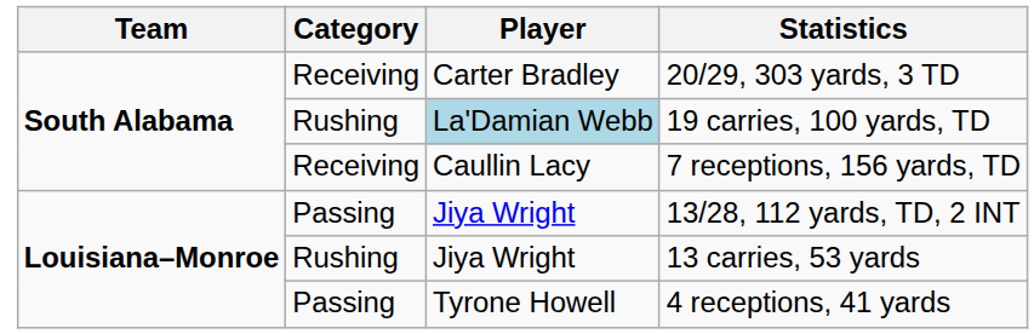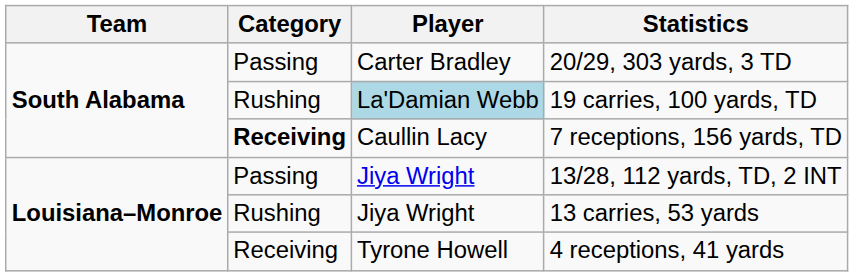 <table class="wikitable" style="float: right;">
 <tr>
 <th>Team</th>
 <th>Category</th>
 <th>Player</th>
 <th>Statistics</th>
 </tr>
 <tr>
 <td rowspan=3><strong>South Alabama</strong></td>
-<td>Receiving</td>
+<td>Passing</td>
 <td>Carter Bradley</td>
 <td>20/29, 303 yards, 3 TD</td>
 </tr>
 <tr>
 <td>Rushing</td>
 <td style="background: lightblue;">La'Damian Webb</td>
 <td>19 carries, 100 yards, TD</td>
 </tr>
 <tr>
-<td>Receiving</td>
+<td><strong>Receiving</strong></td>
 <td>Caullin Lacy</td>
 <td>7 receptions, 156 yards, TD</td>
 </tr>
 <tr>
 <td rowspan=3><strong>Louisiana–Monroe</strong></td>
 <td>Passing</td>
 <td><a href='#'>Jiya Wright</a></td>
 <td>13/28, 112 yards, TD, 2 INT</td>
 </tr>
 <tr>
 <td>Rushing</td>
 <td>Jiya Wright</td>
 <td>13 carries, 53 yards</td>
 </tr>
 <tr>
-<td>Passing</td>
+<td>Receiving</td>
 <td>Tyrone Howell</td>
 <td>4 receptions, 41 yards</td>
 </tr>
 </table>
